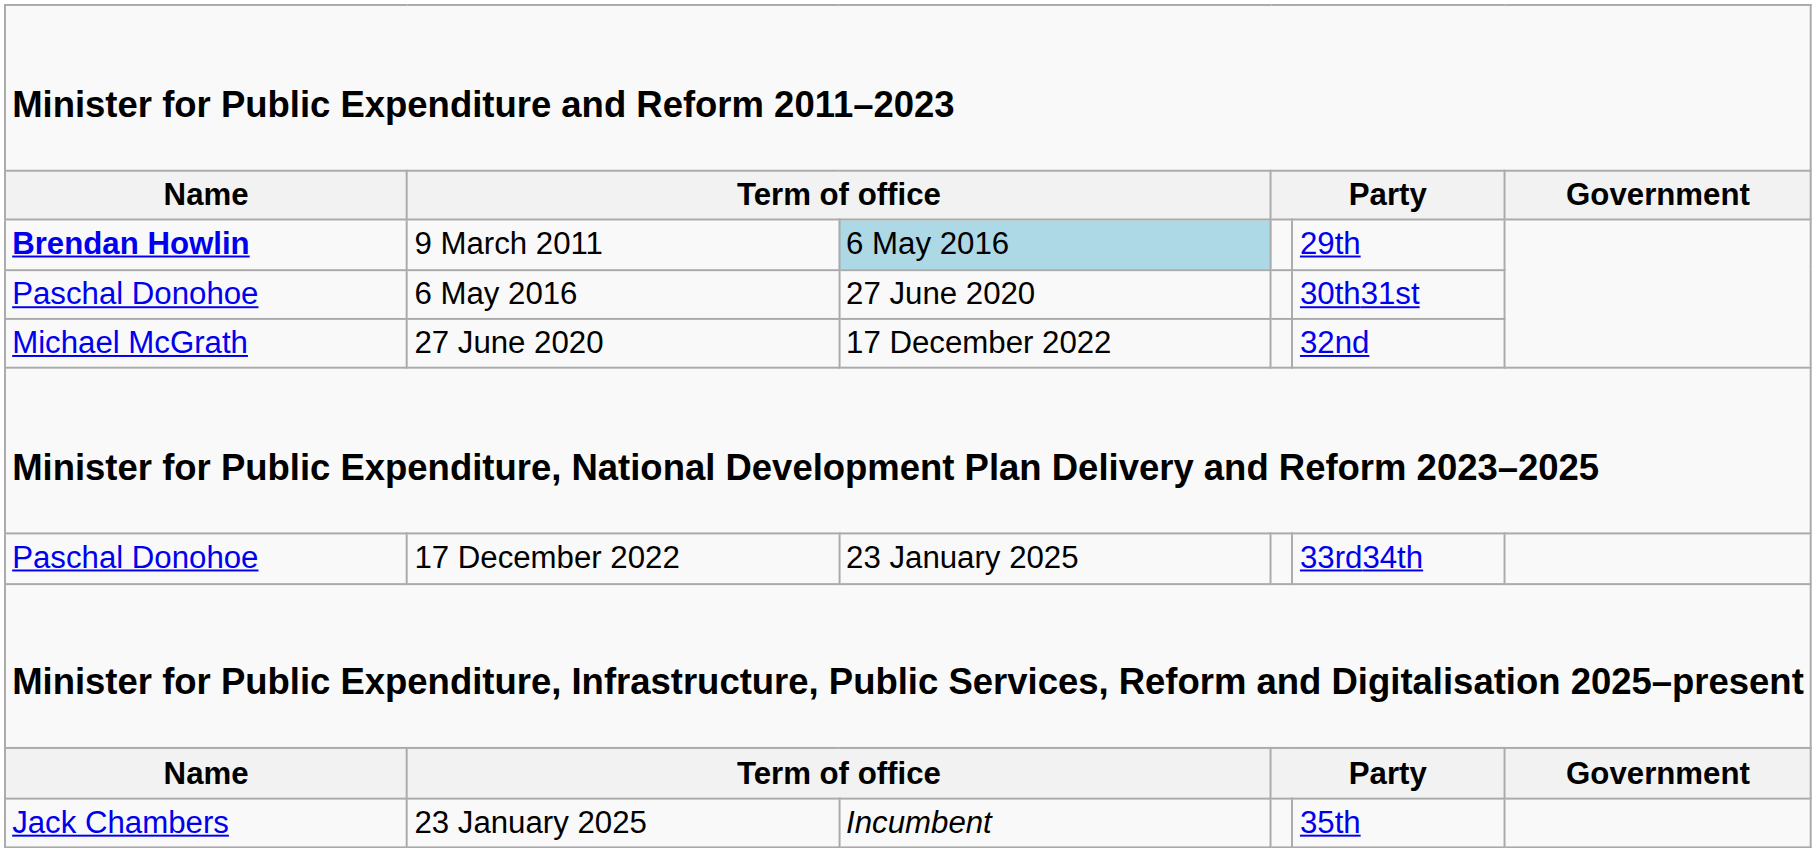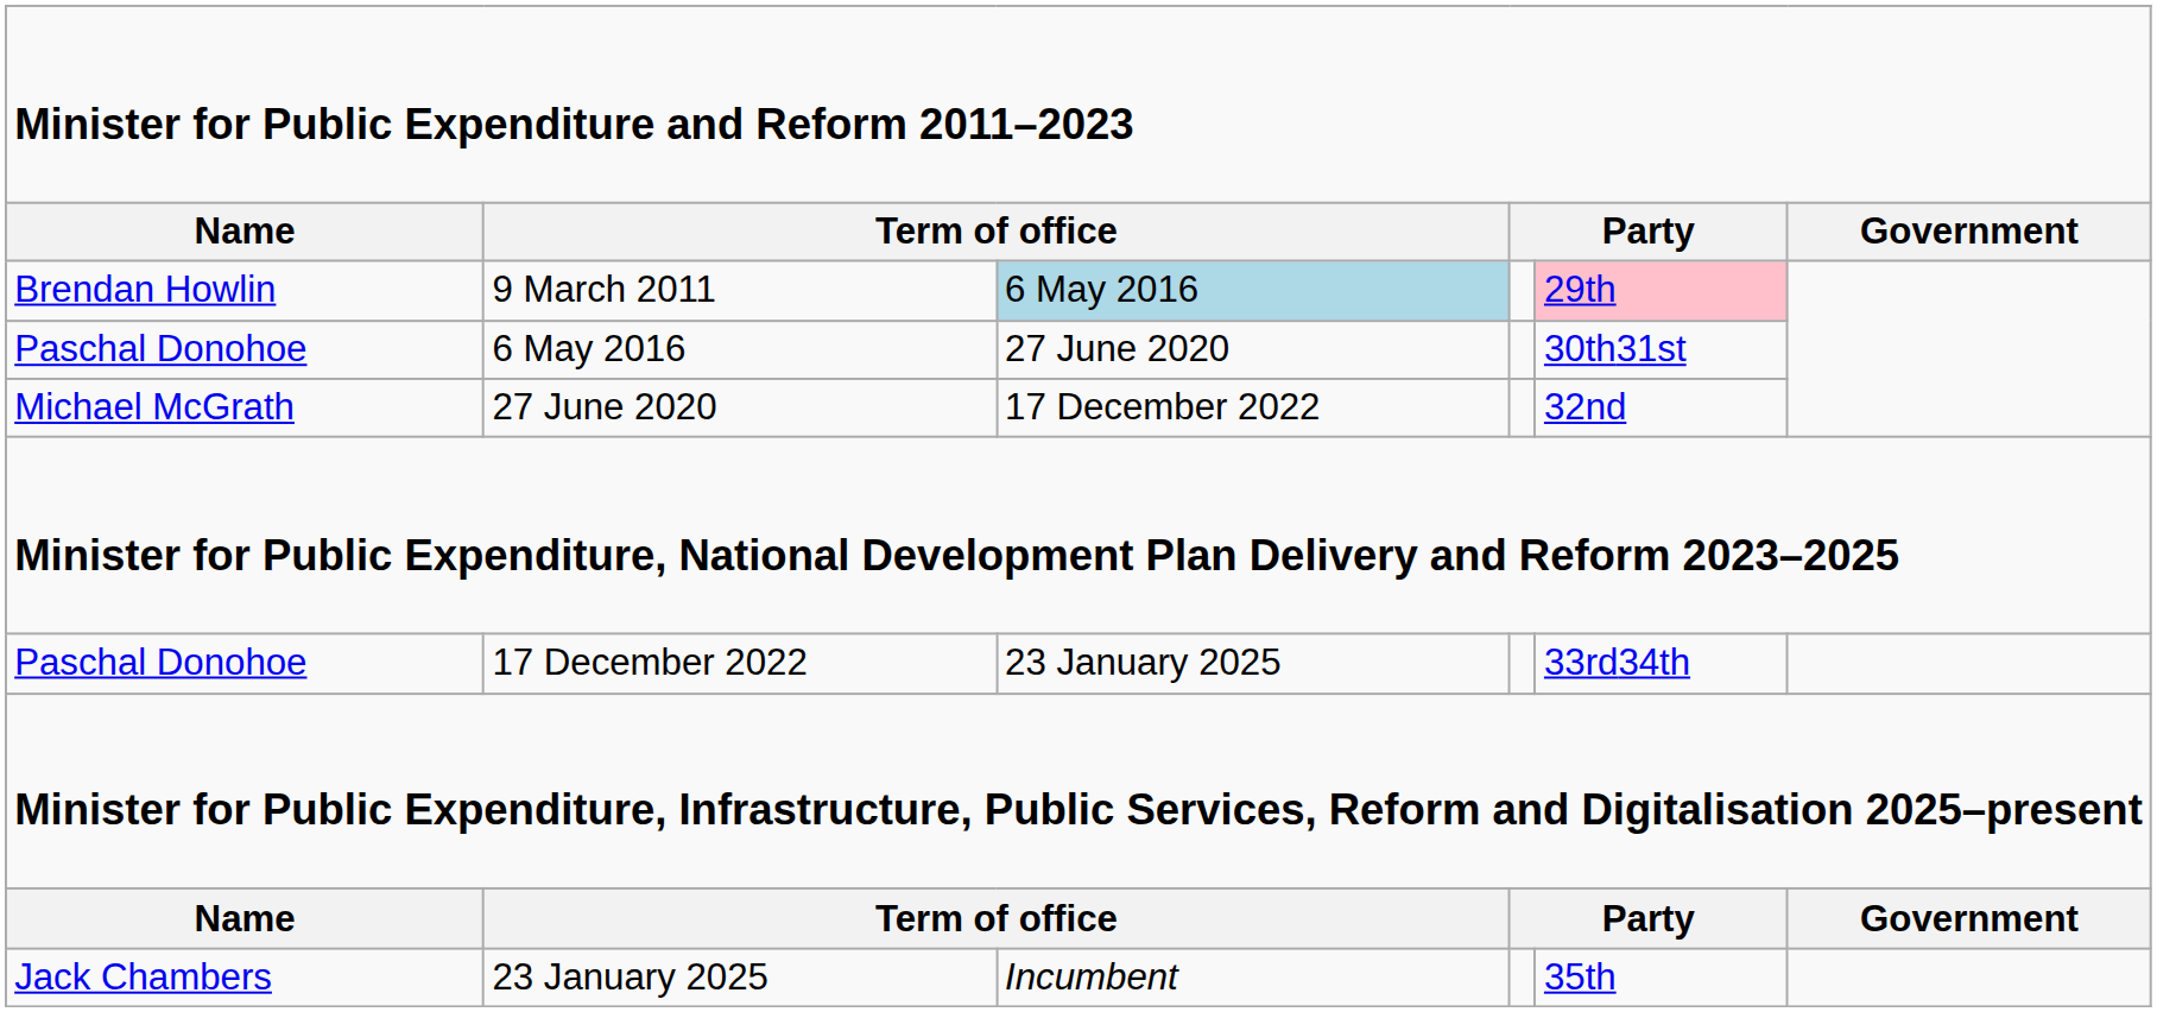 <table class="wikitable">
 <tr>
 <td colspan="7"><br><h3>Minister for Public Expenditure and Reform 2011–2023</h3></td>
 </tr>
 <tr>
 <th>Name</th>
 <th colspan="2">Term of office</th>
 <th colspan="2">Party</th>
 <th>Government</th>
 </tr>
 <tr>
-<td><strong><a href='#'>Brendan Howlin</a></strong></td>
+<td><a href='#'>Brendan Howlin</a></td>
 <td>9 March 2011</td>
 <td style="background: lightblue;">6 May 2016</td>
 <td></td>
-<td><a href='#'>29th</a></td>
+<td style="background: pink;"><a href='#'>29th</a></td>
 </tr>
 <tr>
 <td><a href='#'>Paschal Donohoe</a></td>
 <td>6 May 2016</td>
 <td>27 June 2020</td>
 <td></td>
 <td><a href='#'>30th</a><a href='#'>31st</a></td>
 </tr>
 <tr>
 <td><a href='#'>Michael McGrath</a></td>
 <td>27 June 2020</td>
 <td>17 December 2022</td>
 <td></td>
 <td><a href='#'>32nd</a></td>
 </tr>
 <tr>
 <td colspan="7"><br><h3>Minister for Public Expenditure, National Development Plan Delivery and Reform 2023–2025</h3></td>
 </tr>
 <tr>
 <td><a href='#'>Paschal Donohoe</a></td>
 <td>17 December 2022</td>
 <td>23 January 2025</td>
 <td></td>
 <td><a href='#'>33rd</a><a href='#'>34th</a></td>
 </tr>
 <tr>
 <td colspan="7"><br><h3>Minister for Public Expenditure, Infrastructure, Public Services, Reform and Digitalisation 2025–present</h3></td>
 </tr>
 <tr>
 <th>Name</th>
 <th colspan="2">Term of office</th>
 <th colspan="2">Party</th>
 <th>Government</th>
 </tr>
 <tr>
 <td><a href='#'>Jack Chambers</a></td>
 <td>23 January 2025</td>
 <td><em>Incumbent</em></td>
 <td></td>
 <td><a href='#'>35th</a></td>
 </tr>
 </table>
